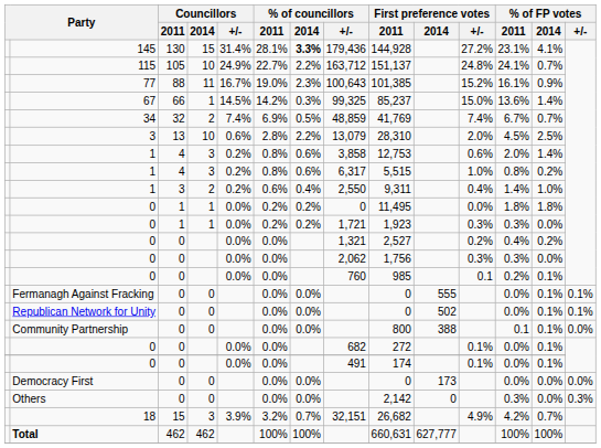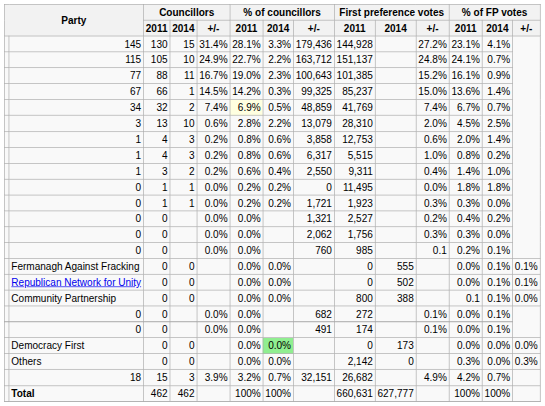 <table class="wikitable" style="text-align:right; font-size:95%;">
 <tr>
 <th colspan="2" rowspan="2">Party</th>
 <th colspan="3">Councillors</th>
 <th colspan="3">% of councillors</th>
 <th colspan="3">First preference votes</th>
 <th colspan="3">% of FP votes</th>
 </tr>
 <tr>
 <th>2011</th>
 <th>2014</th>
 <th>+/-</th>
 <th>2011</th>
 <th>2014</th>
 <th>+/-</th>
 <th>2011</th>
 <th>2014</th>
 <th>+/-</th>
 <th>2011</th>
 <th>2014</th>
 <th>+/-</th>
 </tr>
 <tr>
 <td></td>
 <td>145</td>
 <td>130</td>
 <td>15</td>
 <td>31.4%</td>
 <td>28.1%</td>
-<td><strong>3.3%</strong></td>
+<td>3.3%</td>
 <td>179,436</td>
 <td>144,928</td>
 <td></td>
 <td>27.2%</td>
 <td>23.1%</td>
 <td>4.1%</td>
 </tr>
 <tr>
 <td></td>
 <td>115</td>
 <td>105</td>
 <td>10</td>
 <td>24.9%</td>
 <td>22.7%</td>
 <td>2.2%</td>
 <td>163,712</td>
 <td>151,137</td>
 <td></td>
 <td>24.8%</td>
 <td>24.1%</td>
 <td>0.7%</td>
 </tr>
 <tr>
 <td></td>
 <td>77</td>
 <td>88</td>
 <td>11</td>
 <td>16.7%</td>
 <td>19.0%</td>
 <td>2.3%</td>
 <td>100,643</td>
 <td>101,385</td>
 <td></td>
 <td>15.2%</td>
 <td>16.1%</td>
 <td>0.9%</td>
 </tr>
 <tr>
 <td></td>
 <td>67</td>
 <td>66</td>
 <td>1</td>
 <td>14.5%</td>
 <td>14.2%</td>
 <td>0.3%</td>
 <td>99,325</td>
 <td>85,237</td>
 <td></td>
 <td>15.0%</td>
 <td>13.6%</td>
 <td>1.4%</td>
 </tr>
 <tr>
 <td></td>
 <td>34</td>
 <td>32</td>
 <td>2</td>
 <td>7.4%</td>
-<td>6.9%</td>
+<td style="background: lightyellow;">6.9%</td>
 <td>0.5%</td>
 <td>48,859</td>
 <td>41,769</td>
 <td></td>
 <td>7.4%</td>
 <td>6.7%</td>
 <td>0.7%</td>
 </tr>
 <tr>
 <td></td>
 <td>3</td>
 <td>13</td>
 <td>10</td>
 <td>0.6%</td>
 <td>2.8%</td>
 <td>2.2%</td>
 <td>13,079</td>
 <td>28,310</td>
 <td></td>
 <td>2.0%</td>
 <td>4.5%</td>
 <td>2.5%</td>
 </tr>
 <tr>
 <td></td>
 <td>1</td>
 <td>4</td>
 <td>3</td>
 <td>0.2%</td>
 <td>0.8%</td>
 <td>0.6%</td>
 <td>3,858</td>
 <td>12,753</td>
 <td></td>
 <td>0.6%</td>
 <td>2.0%</td>
 <td>1.4%</td>
 </tr>
 <tr>
 <td></td>
 <td>1</td>
 <td>4</td>
 <td>3</td>
 <td>0.2%</td>
 <td>0.8%</td>
 <td>0.6%</td>
 <td>6,317</td>
 <td>5,515</td>
 <td></td>
 <td>1.0%</td>
 <td>0.8%</td>
 <td>0.2%</td>
 </tr>
 <tr>
 <td></td>
 <td>1</td>
 <td>3</td>
 <td>2</td>
 <td>0.2%</td>
 <td>0.6%</td>
 <td>0.4%</td>
 <td>2,550</td>
 <td>9,311</td>
 <td></td>
 <td>0.4%</td>
 <td>1.4%</td>
 <td>1.0%</td>
 </tr>
 <tr>
 <td></td>
 <td>0</td>
 <td>1</td>
 <td>1</td>
 <td>0.0%</td>
 <td>0.2%</td>
 <td>0.2%</td>
 <td>0</td>
 <td>11,495</td>
 <td></td>
 <td>0.0%</td>
 <td>1.8%</td>
 <td>1.8%</td>
 </tr>
 <tr>
 <td></td>
 <td>0</td>
 <td>1</td>
 <td>1</td>
 <td>0.0%</td>
 <td>0.2%</td>
 <td>0.2%</td>
 <td>1,721</td>
 <td>1,923</td>
 <td></td>
 <td>0.3%</td>
 <td>0.3%</td>
 <td>0.0%</td>
 </tr>
 <tr>
 <td></td>
 <td>0</td>
 <td>0</td>
 <td></td>
 <td>0.0%</td>
 <td>0.0%</td>
 <td></td>
 <td>1,321</td>
 <td>2,527</td>
 <td></td>
 <td>0.2%</td>
 <td>0.4%</td>
 <td>0.2%</td>
 </tr>
 <tr>
 <td></td>
 <td>0</td>
 <td>0</td>
 <td></td>
 <td>0.0%</td>
 <td>0.0%</td>
 <td></td>
 <td>2,062</td>
 <td>1,756</td>
 <td></td>
 <td>0.3%</td>
 <td>0.3%</td>
 <td>0.0%</td>
 </tr>
 <tr>
 <td></td>
 <td>0</td>
 <td>0</td>
 <td></td>
 <td>0.0%</td>
 <td>0.0%</td>
 <td></td>
 <td>760</td>
 <td>985</td>
 <td></td>
 <td>0.1</td>
 <td>0.2%</td>
 <td>0.1%</td>
 </tr>
 <tr>
 <td></td>
 <td style="text-align:left">Fermanagh Against Fracking</td>
 <td>0</td>
 <td>0</td>
 <td></td>
 <td>0.0%</td>
 <td>0.0%</td>
 <td></td>
 <td>0</td>
 <td>555</td>
 <td></td>
 <td>0.0%</td>
 <td>0.1%</td>
 <td>0.1%</td>
 </tr>
 <tr>
 <td></td>
 <td style="text-align:left"><a href='#'>Republican Network for Unity</a></td>
 <td>0</td>
 <td>0</td>
 <td></td>
 <td>0.0%</td>
 <td>0.0%</td>
 <td></td>
 <td>0</td>
 <td>502</td>
 <td></td>
 <td>0.0%</td>
 <td>0.1%</td>
 <td>0.1%</td>
 </tr>
 <tr>
 <td></td>
 <td style="text-align:left">Community Partnership</td>
 <td>0</td>
 <td>0</td>
 <td></td>
 <td>0.0%</td>
 <td>0.0%</td>
 <td></td>
 <td>800</td>
 <td>388</td>
 <td></td>
 <td>0.1</td>
 <td>0.1%</td>
 <td>0.0%</td>
 </tr>
 <tr>
 <td></td>
 <td>0</td>
 <td>0</td>
 <td></td>
 <td>0.0%</td>
 <td>0.0%</td>
 <td></td>
 <td>682</td>
 <td>272</td>
 <td></td>
 <td>0.1%</td>
 <td>0.0%</td>
 <td>0.1%</td>
 </tr>
 <tr>
 </tr>
 <tr>
 <td></td>
 <td>0</td>
 <td>0</td>
 <td></td>
 <td>0.0%</td>
 <td>0.0%</td>
 <td></td>
 <td>491</td>
 <td>174</td>
 <td></td>
 <td>0.1%</td>
 <td>0.0%</td>
 <td>0.1%</td>
 </tr>
 <tr>
 <td></td>
 <td style="text-align:left">Democracy First</td>
 <td>0</td>
 <td>0</td>
 <td></td>
 <td>0.0%</td>
-<td>0.0%</td>
+<td style="background: lightgreen;">0.0%</td>
 <td></td>
 <td>0</td>
 <td>173</td>
 <td></td>
 <td>0.0%</td>
 <td>0.0%</td>
 <td>0.0%</td>
 </tr>
 <tr>
 <td></td>
 <td style="text-align:left">Others</td>
 <td>0</td>
 <td>0</td>
 <td></td>
 <td>0.0%</td>
 <td>0.0%</td>
 <td></td>
 <td>2,142</td>
 <td>0</td>
 <td></td>
 <td>0.3%</td>
 <td>0.0%</td>
 <td>0.3%</td>
 </tr>
 <tr>
 <td></td>
 <td>18</td>
 <td>15</td>
 <td> 3</td>
 <td>3.9%</td>
 <td>3.2%</td>
 <td>0.7%</td>
 <td>32,151</td>
 <td>26,682</td>
 <td></td>
 <td>4.9%</td>
 <td>4.2%</td>
 <td>0.7%</td>
 </tr>
 <tr>
 <td></td>
 <td style="text-align:left"><strong>Total</strong></td>
 <td>462</td>
 <td>462</td>
 <td></td>
 <td>100%</td>
 <td>100%</td>
 <td></td>
 <td>660,631</td>
 <td>627,777</td>
 <td></td>
 <td>100%</td>
 <td>100%</td>
 <td></td>
 </tr>
 <tr>
 </tr>
 </table>
